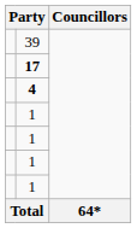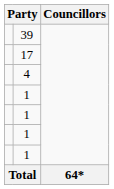 <table class="wikitable">
 <tr>
 <th colspan=2>Party</th>
 <th>Councillors</th>
 </tr>
 <tr>
 <td></td>
 <td align=center>39</td>
 </tr>
 <tr>
 <td></td>
-<td align=center><strong>17</strong></td>
+<td align=center>17</td>
 </tr>
 <tr>
 <td></td>
-<td align=center><strong>4</strong></td>
+<td align=center>4</td>
 </tr>
 <tr>
 <td></td>
 <td align=center>1</td>
 </tr>
 <tr>
 <td></td>
 <td align=center>1</td>
 </tr>
 <tr>
 <td></td>
 <td align=center>1</td>
 </tr>
 <tr>
 <td></td>
 <td align=center>1</td>
 </tr>
 <tr>
 <th colspan=2>Total</th>
 <th align=center>64*</th>
 </tr>
 </table>
